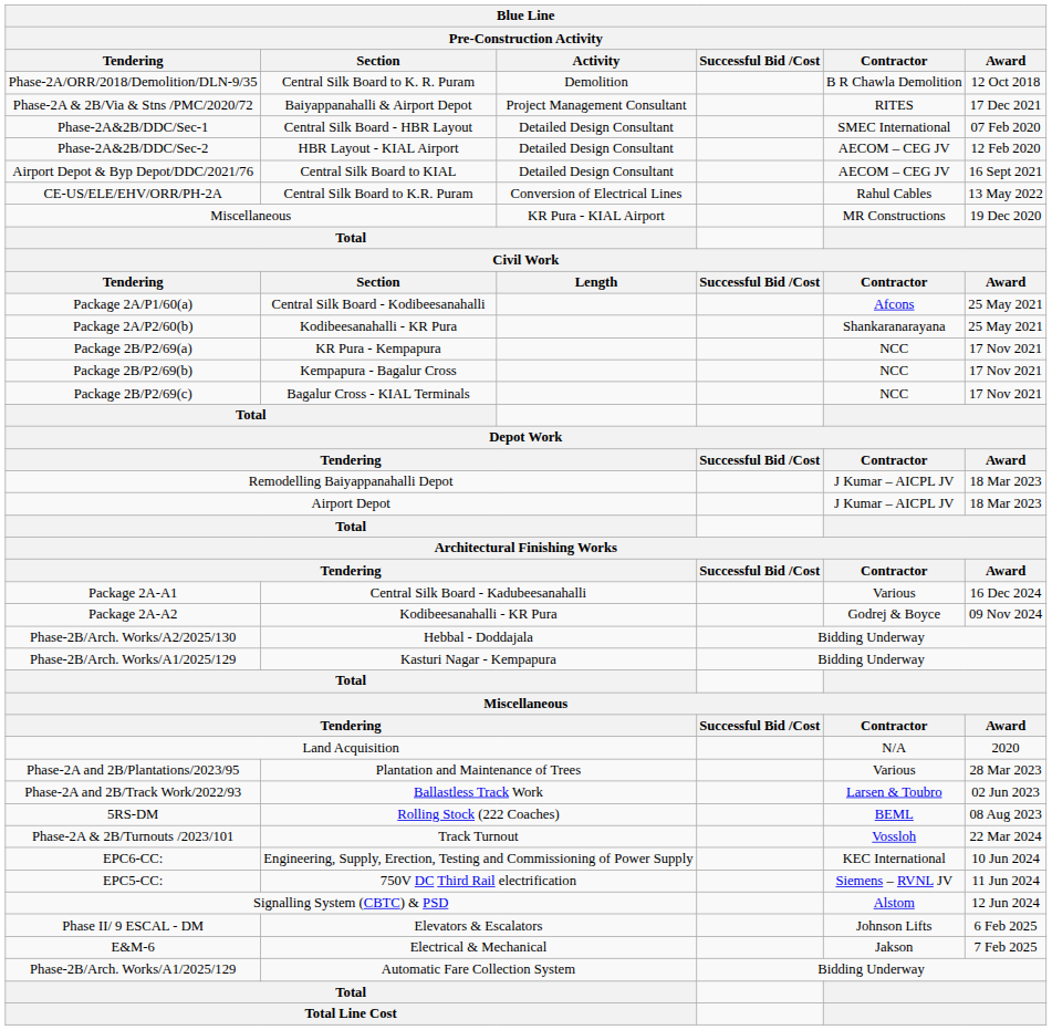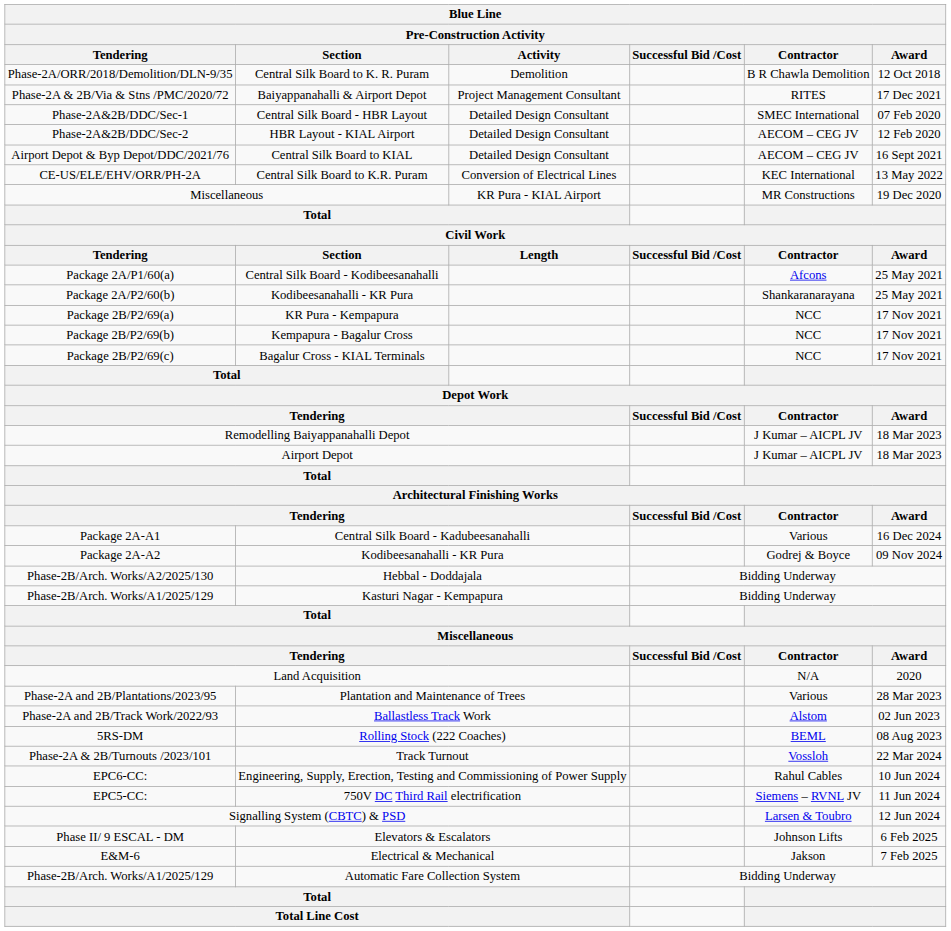 <table class="wikitable" style="text-align:center;margin:auto;">
 <tr>
 <th colspan="6" align="center" style="background:#"><span><strong>Blue Line</strong></span></th>
 </tr>
 <tr>
 <th colspan="6" align="center" style="background:#"><span><strong>Pre-Construction Activity</strong></span></th>
 </tr>
 <tr>
 <th>Tendering</th>
 <th>Section</th>
 <th>Activity</th>
 <th>Successful Bid /Cost</th>
 <th>Contractor</th>
 <th>Award</th>
 </tr>
 <tr>
 <td>Phase-2A/ORR/2018/Demolition/DLN-9/35</td>
 <td>Central Silk Board to K. R. Puram</td>
 <td>Demolition</td>
 <td></td>
 <td>B R Chawla Demolition</td>
 <td>12 Oct 2018</td>
 </tr>
 <tr>
 <td>Phase-2A & 2B/Via & Stns /PMC/2020/72</td>
 <td>Baiyappanahalli & Airport Depot</td>
 <td>Project Management Consultant</td>
 <td></td>
 <td>RITES</td>
 <td>17 Dec 2021</td>
 </tr>
 <tr>
 <td>Phase-2A&2B/DDC/Sec-1</td>
 <td>Central Silk Board -  HBR Layout</td>
 <td>Detailed Design Consultant</td>
 <td></td>
 <td>SMEC International</td>
 <td>07 Feb 2020</td>
 </tr>
 <tr>
 <td>Phase-2A&2B/DDC/Sec-2</td>
 <td>HBR Layout - KIAL Airport</td>
 <td>Detailed Design Consultant</td>
 <td></td>
 <td>AECOM – CEG JV</td>
 <td>12 Feb 2020</td>
 </tr>
 <tr>
 <td>Airport Depot & Byp Depot/DDC/2021/76</td>
 <td>Central Silk Board to KIAL</td>
 <td>Detailed Design Consultant</td>
 <td></td>
 <td>AECOM – CEG JV</td>
 <td>16 Sept 2021</td>
 </tr>
 <tr>
 <td>CE-US/ELE/EHV/ORR/PH-2A</td>
 <td>Central Silk Board to K.R. Puram</td>
 <td>Conversion of Electrical Lines</td>
 <td></td>
-<td>Rahul Cables</td>
+<td>KEC International</td>
 <td>13 May 2022</td>
 </tr>
 <tr>
 <td colspan="2">Miscellaneous</td>
 <td>KR Pura - KIAL Airport</td>
 <td></td>
 <td>MR Constructions</td>
 <td>19 Dec 2020</td>
 </tr>
 <tr>
 <th colspan="3">Total</th>
 <td></td>
 <th colspan="2"></th>
 </tr>
 <tr>
 <th colspan="6" align="center" style="background:#"><span><strong>Civil Work</strong></span></th>
 </tr>
 <tr>
 <th>Tendering</th>
 <th>Section</th>
 <th>Length</th>
 <th>Successful Bid /Cost</th>
 <th>Contractor</th>
 <th>Award</th>
 </tr>
 <tr>
 <td>Package 2A/P1/60(a)</td>
 <td>Central Silk Board -  Kodibeesanahalli</td>
 <td></td>
 <td></td>
 <td><a href='#'>Afcons</a></td>
 <td>25 May 2021</td>
 </tr>
 <tr>
 <td>Package 2A/P2/60(b)</td>
 <td>Kodibeesanahalli - KR Pura</td>
 <td></td>
 <td></td>
 <td>Shankaranarayana</td>
 <td>25 May 2021</td>
 </tr>
 <tr>
 <td>Package 2B/P2/69(a)</td>
 <td>KR Pura - Kempapura</td>
 <td></td>
 <td></td>
 <td>NCC</td>
 <td>17 Nov 2021</td>
 </tr>
 <tr>
 <td>Package 2B/P2/69(b)</td>
 <td>Kempapura - Bagalur Cross</td>
 <td></td>
 <td></td>
 <td>NCC</td>
 <td>17 Nov 2021</td>
 </tr>
 <tr>
 <td>Package 2B/P2/69(c)</td>
 <td>Bagalur Cross - KIAL Terminals</td>
 <td></td>
 <td></td>
 <td>NCC</td>
 <td>17 Nov 2021</td>
 </tr>
 <tr>
 <th colspan="2">Total</th>
 <td></td>
 <td></td>
 <th colspan="2"></th>
 </tr>
 <tr>
 <th colspan="6" align="center" style="background:#"><span><strong>Depot Work</strong></span></th>
 </tr>
 <tr>
 <th colspan="3">Tendering</th>
 <th>Successful Bid /Cost</th>
 <th>Contractor</th>
 <th>Award</th>
 </tr>
 <tr>
 <td colspan="3">Remodelling Baiyappanahalli Depot</td>
 <td></td>
 <td>J Kumar – AICPL JV</td>
 <td>18 Mar 2023</td>
 </tr>
 <tr>
 <td colspan="3">Airport Depot</td>
 <td></td>
 <td>J Kumar – AICPL JV</td>
 <td>18 Mar 2023</td>
 </tr>
 <tr>
 <th colspan="3">Total</th>
 <td></td>
 <th colspan="2"></th>
 </tr>
 <tr>
 <th colspan="6" align="center" style="background:#"><span><strong>Architectural Finishing Works</strong></span></th>
 </tr>
 <tr>
 <th colspan="3">Tendering</th>
 <th>Successful Bid /Cost</th>
 <th>Contractor</th>
 <th>Award</th>
 </tr>
 <tr>
 <td>Package 2A-A1</td>
 <td colspan="2">Central Silk Board -  Kadubeesanahalli</td>
 <td></td>
 <td>Various</td>
 <td>16 Dec 2024</td>
 </tr>
 <tr>
 <td>Package 2A-A2</td>
 <td colspan="2">Kodibeesanahalli  - KR Pura</td>
 <td></td>
 <td>Godrej & Boyce</td>
 <td>09 Nov 2024</td>
 </tr>
 <tr>
 <td>Phase-2B/Arch. Works/A2/2025/130</td>
 <td colspan="2">Hebbal -  Doddajala</td>
 <td colspan="3">Bidding Underway</td>
 </tr>
 <tr>
 <td>Phase-2B/Arch. Works/A1/2025/129</td>
 <td colspan="2">Kasturi Nagar - Kempapura</td>
 <td colspan="3">Bidding Underway</td>
 </tr>
 <tr>
 <th colspan="3">Total</th>
 <td></td>
 <th colspan="2"></th>
 </tr>
 <tr>
 <th colspan="6" align="center" style="background:#"><span><strong>Miscellaneous</strong></span></th>
 </tr>
 <tr>
 <th colspan="3">Tendering</th>
 <th>Successful Bid /Cost</th>
 <th>Contractor</th>
 <th>Award</th>
 </tr>
 <tr>
 <td colspan="3">Land Acquisition</td>
 <td></td>
 <td>N/A</td>
 <td>2020</td>
 </tr>
 <tr>
 <td>Phase-2A and 2B/Plantations/2023/95</td>
 <td colspan="2">Plantation and Maintenance of Trees</td>
 <td></td>
 <td>Various</td>
 <td>28 Mar 2023</td>
 </tr>
 <tr>
 <td>Phase-2A and 2B/Track Work/2022/93</td>
 <td colspan="2"><a href='#'>Ballastless Track</a> Work</td>
 <td></td>
-<td><a href='#'>Larsen & Toubro</a></td>
+<td><a href='#'>Alstom</a></td>
 <td>02 Jun 2023</td>
 </tr>
 <tr>
 <td>5RS-DM</td>
 <td colspan="2"><a href='#'>Rolling Stock</a> (222 Coaches)</td>
 <td></td>
 <td><a href='#'>BEML</a></td>
 <td>08 Aug 2023</td>
 </tr>
 <tr>
 <td>Phase-2A & 2B/Turnouts /2023/101</td>
 <td colspan="2">Track Turnout</td>
 <td></td>
 <td><a href='#'>Vossloh</a></td>
 <td>22 Mar 2024</td>
 </tr>
 <tr>
 <td>EPC6-CC:</td>
 <td colspan="2">Engineering, Supply, Erection, Testing and Commissioning of Power Supply</td>
 <td></td>
-<td>KEC International</td>
+<td>Rahul Cables</td>
 <td>10 Jun 2024</td>
 </tr>
 <tr>
 <td>EPC5-CC:</td>
 <td colspan="2">750V <a href='#'>DC</a> <a href='#'>Third Rail</a> electrification</td>
 <td></td>
 <td><a href='#'>Siemens</a> – <a href='#'>RVNL</a> JV</td>
 <td>11 Jun 2024</td>
 </tr>
 <tr>
 <td colspan="3">Signalling System (<a href='#'>CBTC</a>) & <a href='#'>PSD</a></td>
 <td></td>
-<td><a href='#'>Alstom</a></td>
+<td><a href='#'>Larsen & Toubro</a></td>
 <td>12 Jun 2024</td>
 </tr>
 <tr>
 <td>Phase II/ 9 ESCAL - DM</td>
 <td colspan="2">Elevators & Escalators</td>
 <td></td>
 <td>Johnson Lifts</td>
 <td>6 Feb 2025</td>
 </tr>
 <tr>
 <td>E&M-6</td>
 <td colspan="2">Electrical & Mechanical</td>
 <td></td>
 <td>Jakson</td>
 <td>7 Feb 2025</td>
 </tr>
 <tr>
 <td>Phase-2B/Arch. Works/A1/2025/129</td>
 <td colspan="2">Automatic Fare Collection System</td>
 <td colspan="3">Bidding Underway</td>
 </tr>
 <tr>
 <th colspan="3">Total</th>
 <td></td>
 <th colspan="2"></th>
 </tr>
 <tr>
 <th colspan="3">Total Line Cost</th>
 <td></td>
 <th colspan="2"></th>
 </tr>
 </table>
